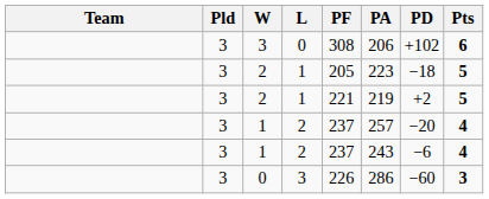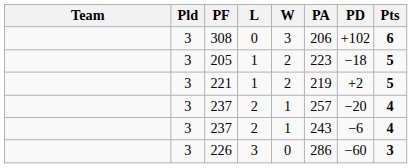 <table class=wikitable style="text-align:center">
 <tr>
 <th width=180>Team</th>
 <th width=30>Pld</th>
+<th width=30>PF</th>
+<th width=30>L</th>
 <th width=30>W</th>
-<th width=30>L</th>
-<th width=30>PF</th>
 <th width=30>PA</th>
 <th width=30>PD</th>
 <th width=30>Pts</th>
 </tr>
 <tr>
 <td align="left"></td>
 <td>3</td>
+<td>308</td>
+<td>0</td>
 <td>3</td>
-<td>0</td>
-<td>308</td>
 <td>206</td>
 <td>+102</td>
 <td><strong>6</strong></td>
 </tr>
 <tr>
 <td align="left"></td>
 <td>3</td>
+<td>205</td>
+<td>1</td>
 <td>2</td>
-<td>1</td>
-<td>205</td>
 <td>223</td>
 <td>−18</td>
 <td><strong>5</strong></td>
 </tr>
 <tr>
 <td align="left"></td>
 <td>3</td>
+<td>221</td>
+<td>1</td>
 <td>2</td>
-<td>1</td>
-<td>221</td>
 <td>219</td>
 <td>+2</td>
 <td><strong>5</strong></td>
 </tr>
 <tr>
 <td align="left"></td>
 <td>3</td>
+<td>237</td>
+<td>2</td>
 <td>1</td>
-<td>2</td>
-<td>237</td>
 <td>257</td>
 <td>−20</td>
 <td><strong>4</strong></td>
 </tr>
 <tr>
 <td align="left"></td>
 <td>3</td>
+<td>237</td>
+<td>2</td>
 <td>1</td>
-<td>2</td>
-<td>237</td>
 <td>243</td>
 <td>−6</td>
 <td><strong>4</strong></td>
 </tr>
 <tr>
 <td align="left"></td>
 <td>3</td>
+<td>226</td>
+<td>3</td>
 <td>0</td>
-<td>3</td>
-<td>226</td>
 <td>286</td>
 <td>−60</td>
 <td><strong>3</strong></td>
 </tr>
 </table>
